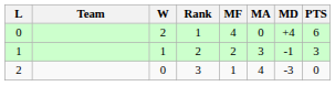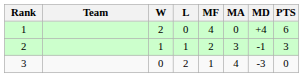 <table class="wikitable" style="text-align:center">
 <tr>
-<th width=30>L</th>
+<th width=50>Rank</th>
 <th width=150>Team</th>
 <th width=30>W</th>
-<th width=50>Rank</th>
+<th width=30>L</th>
 <th width=30>MF</th>
 <th width=30>MA</th>
 <th width=30>MD</th>
 <th width=30>PTS</th>
 </tr>
 <tr bgcolor=#ccffcc>
-<td>0</td>
+<td>1</td>
 <td style="text-align:left;"></td>
 <td>2</td>
-<td>1</td>
+<td>0</td>
 <td>4</td>
 <td>0</td>
 <td>+4</td>
 <td>6</td>
 </tr>
 <tr bgcolor=#ccffcc>
-<td>1</td>
+<td>2</td>
 <td style="text-align:left;"></td>
 <td>1</td>
-<td>2</td>
+<td>1</td>
 <td>2</td>
 <td>3</td>
 <td>-1</td>
 <td>3</td>
 </tr>
 <tr>
-<td>2</td>
+<td>3</td>
 <td style="text-align:left;"></td>
 <td>0</td>
-<td>3</td>
+<td>2</td>
 <td>1</td>
 <td>4</td>
 <td>-3</td>
 <td>0</td>
 </tr>
 </table>
